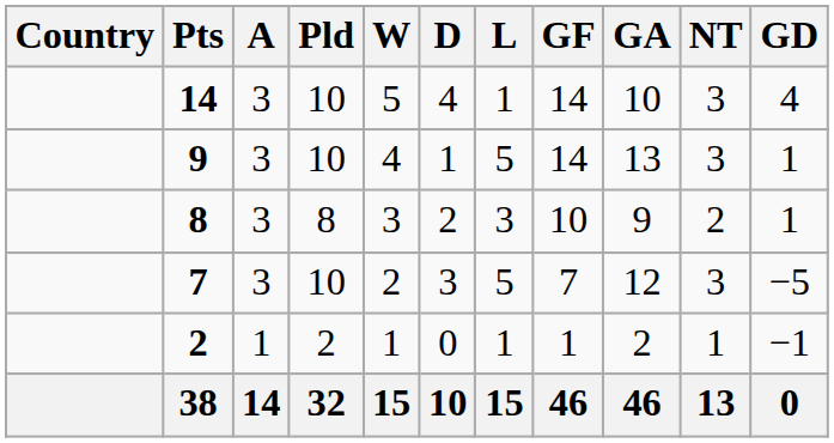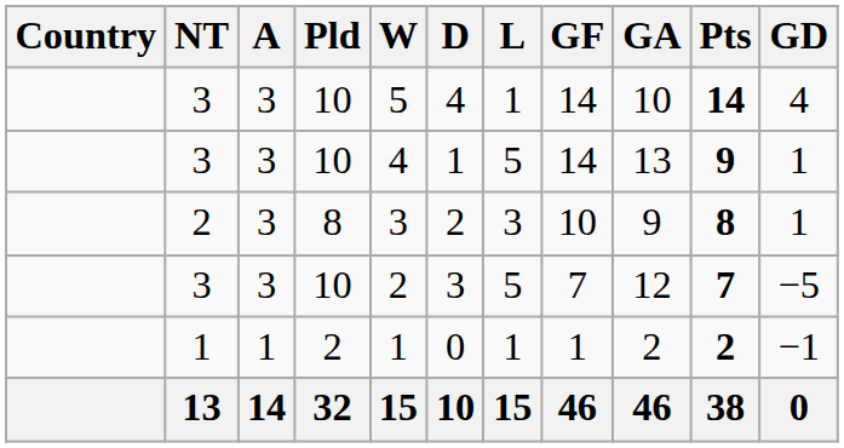 <table class="wikitable">
 <tr>
 <th>Country</th>
-<th>Pts</th>
+<th>NT</th>
 <th>A</th>
 <th>Pld</th>
 <th>W</th>
 <th>D</th>
 <th>L</th>
 <th>GF</th>
 <th>GA</th>
-<th>NT</th>
+<th>Pts</th>
 <th>GD</th>
 </tr>
 <tr>
 <td></td>
-<td align=center><strong>14</strong></td>
+<td align=center>3</td>
 <td align=center>3</td>
 <td align=center>10</td>
 <td align=center>5</td>
 <td align=center>4</td>
 <td align=center>1</td>
 <td align=center>14</td>
 <td align=center>10</td>
-<td align=center>3</td>
+<td align=center><strong>14</strong></td>
 <td align=center>4</td>
 </tr>
 <tr>
 <td></td>
-<td align=center><strong>9</strong></td>
+<td align=center>3</td>
 <td align=center>3</td>
 <td align=center>10</td>
 <td align=center>4</td>
 <td align=center>1</td>
 <td align=center>5</td>
 <td align=center>14</td>
 <td align=center>13</td>
-<td align=center>3</td>
+<td align=center><strong>9</strong></td>
 <td align=center>1</td>
 </tr>
 <tr>
 <td></td>
-<td align=center><strong>8</strong></td>
+<td align=center>2</td>
 <td align=center>3</td>
 <td align=center>8</td>
 <td align=center>3</td>
 <td align=center>2</td>
 <td align=center>3</td>
 <td align=center>10</td>
 <td align=center>9</td>
-<td align=center>2</td>
+<td align=center><strong>8</strong></td>
 <td align=center>1</td>
 </tr>
 <tr>
 <td></td>
-<td align=center><strong>7</strong></td>
+<td align=center>3</td>
 <td align=center>3</td>
 <td align=center>10</td>
 <td align=center>2</td>
 <td align=center>3</td>
 <td align=center>5</td>
 <td align=center>7</td>
 <td align=center>12</td>
-<td align=center>3</td>
+<td align=center><strong>7</strong></td>
 <td align=center>−5</td>
 </tr>
 <tr>
 <td></td>
-<td align=center><strong>2</strong></td>
+<td align=center>1</td>
 <td align=center>1</td>
 <td align=center>2</td>
 <td align=center>1</td>
 <td align=center>0</td>
 <td align=center>1</td>
 <td align=center>1</td>
 <td align=center>2</td>
-<td align=center>1</td>
+<td align=center><strong>2</strong></td>
 <td align=center>−1</td>
 </tr>
 <tr>
 <th></th>
-<th>38</th>
+<th>13</th>
 <th>14</th>
 <th>32</th>
 <th>15</th>
 <th>10</th>
 <th>15</th>
 <th>46</th>
 <th>46</th>
-<th>13</th>
+<th>38</th>
 <th>0</th>
 </tr>
 </table>
